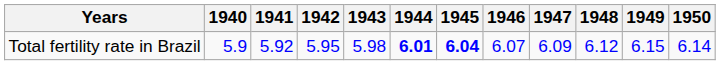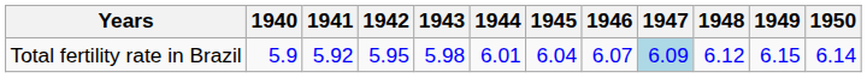 <table class="wikitable " style="text-align:right">
 <tr>
 <th>Years</th>
 <th>1940</th>
 <th>1941</th>
 <th>1942</th>
 <th>1943</th>
 <th>1944</th>
 <th>1945</th>
 <th>1946</th>
 <th>1947</th>
 <th>1948</th>
 <th>1949</th>
 <th>1950</th>
 </tr>
 <tr>
 <td align="left">Total fertility rate in Brazil</td>
 <td style="text-align:right; color:blue;">5.9</td>
 <td style="text-align:right; color:blue;">5.92</td>
 <td style="text-align:right; color:blue;">5.95</td>
 <td style="text-align:right; color:blue;">5.98</td>
-<td style="text-align:right; color:blue;"><strong>6.01</strong></td>
-<td style="text-align:right; color:blue;"><strong>6.04</strong></td>
+<td style="text-align:right; color:blue;">6.01</td>
+<td style="text-align:right; color:blue;">6.04</td>
 <td style="text-align:right; color:blue;">6.07</td>
-<td style="text-align:right; color:blue;">6.09</td>
+<td style="background: lightblue; text-align:right; color:blue;">6.09</td>
 <td style="text-align:right; color:blue;">6.12</td>
 <td style="text-align:right; color:blue;">6.15</td>
 <td style="text-align:right; color:blue;">6.14</td>
 </tr>
 </table>
